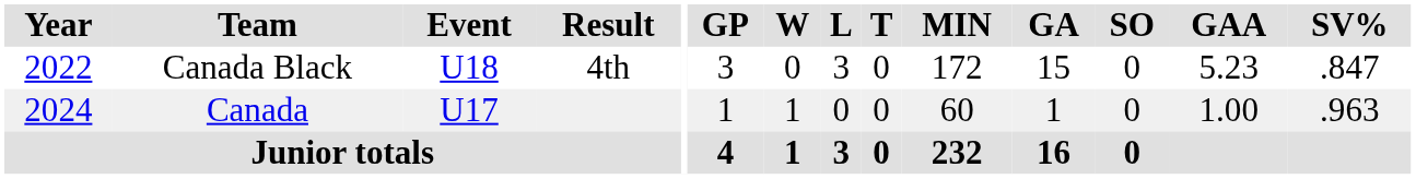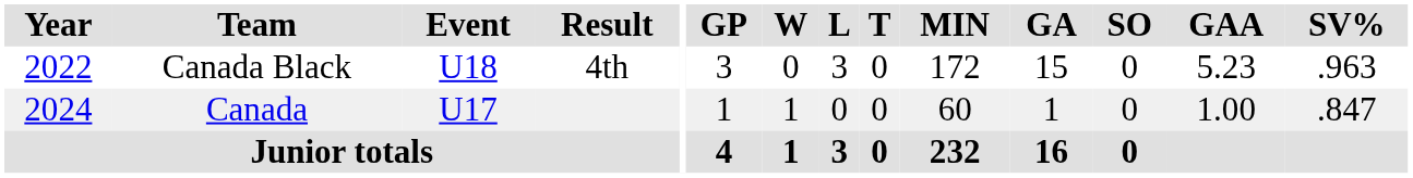 <table border="0" cellpadding="1" cellspacing="0" style="width:75%; text-align:center;">
 <tr bgcolor="#e0e0e0">
 <th>Year</th>
 <th>Team</th>
 <th>Event</th>
 <th>Result</th>
 <th rowspan="99" bgcolor="#ffffff"></th>
 <th>GP</th>
 <th>W</th>
 <th>L</th>
 <th>T</th>
 <th>MIN</th>
 <th>GA</th>
 <th>SO</th>
 <th>GAA</th>
 <th>SV%</th>
 </tr>
 <tr>
 <td><a href='#'>2022</a></td>
 <td>Canada Black</td>
 <td><a href='#'>U18</a></td>
 <td>4th</td>
 <td>3</td>
 <td>0</td>
 <td>3</td>
 <td>0</td>
 <td>172</td>
 <td>15</td>
 <td>0</td>
 <td>5.23</td>
-<td>.847</td>
+<td>.963</td>
 </tr>
 <tr bgcolor="f0f0f0">
 <td><a href='#'>2024</a></td>
 <td><a href='#'>Canada</a></td>
 <td><a href='#'>U17</a></td>
 <td></td>
 <td>1</td>
 <td>1</td>
 <td>0</td>
 <td>0</td>
 <td>60</td>
 <td>1</td>
 <td>0</td>
 <td>1.00</td>
-<td>.963</td>
+<td>.847</td>
 </tr>
 <tr bgcolor="#e0e0e0">
 <th colspan="4">Junior totals</th>
 <th>4</th>
 <th>1</th>
 <th>3</th>
 <th>0</th>
 <th>232</th>
 <th>16</th>
 <th>0</th>
 <th></th>
 <th></th>
 </tr>
 </table>
